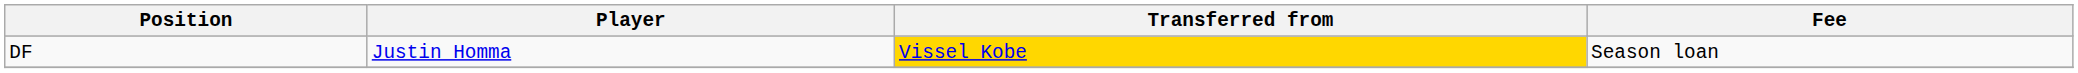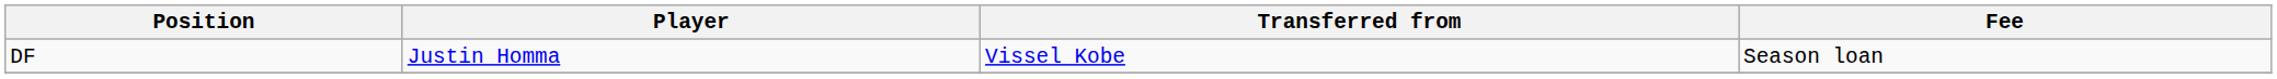 <table class="wikitable sortable" style="width:70%; text-align:center; font-size:100%; text-align:left;">
 <tr>
 <th>Position</th>
 <th>Player</th>
 <th>Transferred from</th>
 <th>Fee</th>
 </tr>
 <tr>
 <td>DF</td>
 <td> <a href='#'>Justin Homma</a></td>
-<td style="background: gold;"> <a href='#'>Vissel Kobe</a></td>
+<td> <a href='#'>Vissel Kobe</a></td>
 <td>Season loan</td>
 </tr>
 <tr>
 </tr>
 </table>
